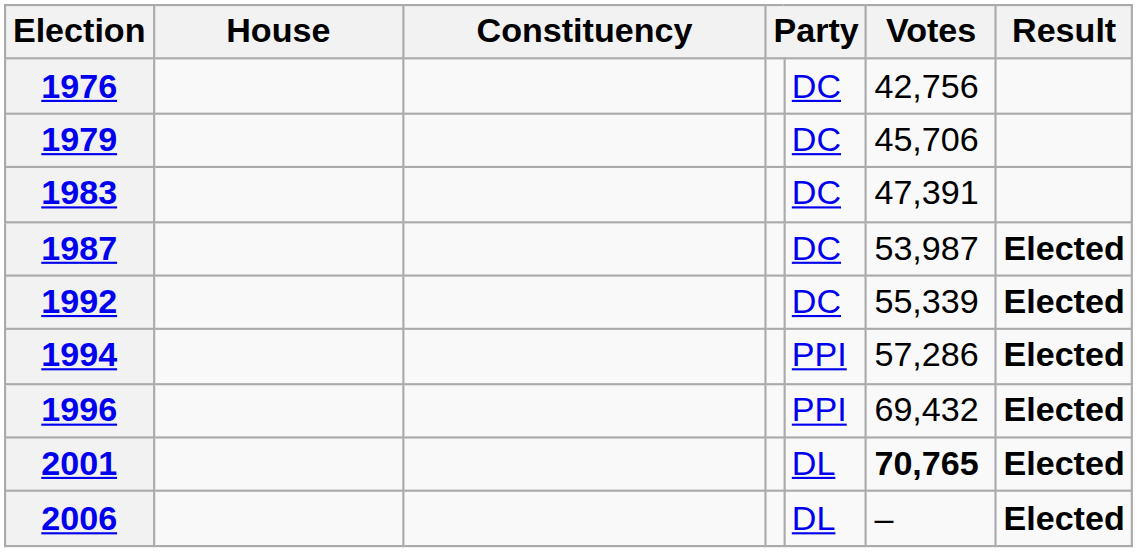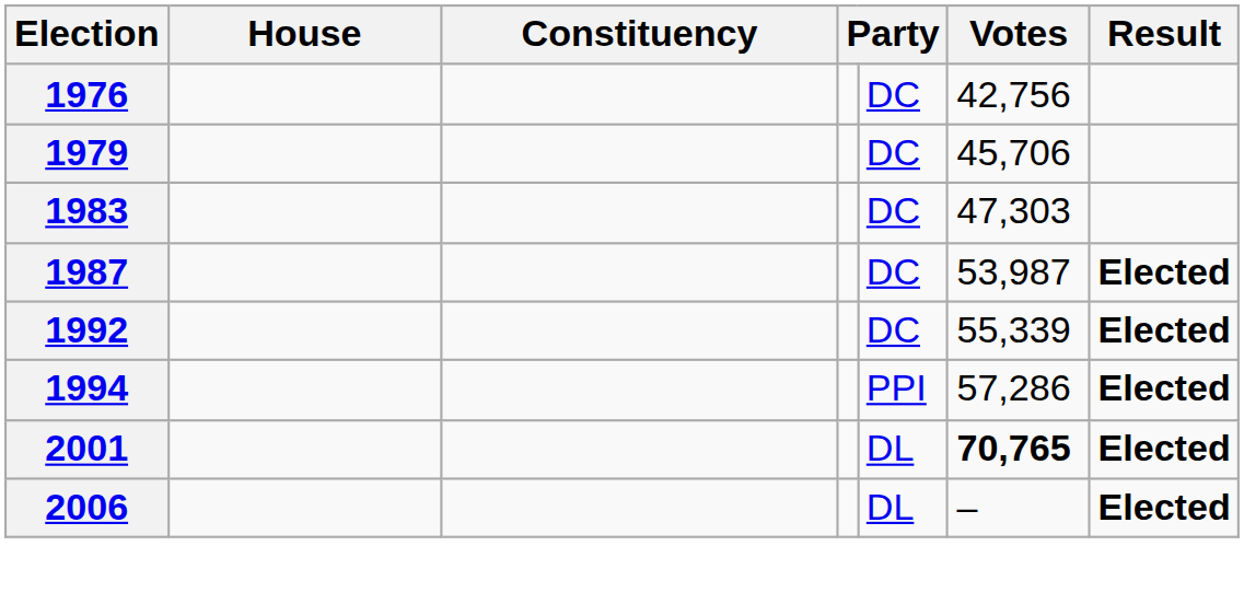 <table class=wikitable style="width:60%; border:1px #AAAAFF solid">
 <tr>
 <th width=12%>Election</th>
 <th width=30%>House</th>
 <th width=40%>Constituency</th>
 <th width=5% colspan="2">Party</th>
 <th width=12%>Votes</th>
 <th width=12%>Result</th>
 </tr>
 <tr>
 <th><a href='#'>1976</a></th>
 <td></td>
 <td></td>
 <td></td>
 <td><a href='#'>DC</a></td>
 <td>42,756</td>
 <td></td>
 </tr>
 <tr>
 <th><a href='#'>1979</a></th>
 <td></td>
 <td></td>
 <td></td>
 <td><a href='#'>DC</a></td>
 <td>45,706</td>
 <td></td>
 </tr>
 <tr>
 <th><a href='#'>1983</a></th>
 <td></td>
 <td></td>
 <td></td>
 <td><a href='#'>DC</a></td>
-<td>47,391</td>
+<td>47,303</td>
 <td></td>
 </tr>
 <tr>
 <th><a href='#'>1987</a></th>
 <td></td>
 <td></td>
 <td></td>
 <td><a href='#'>DC</a></td>
 <td>53,987</td>
 <td> <strong>Elected</strong></td>
 </tr>
 <tr>
 <th><a href='#'>1992</a></th>
 <td></td>
 <td></td>
 <td></td>
 <td><a href='#'>DC</a></td>
 <td>55,339</td>
 <td> <strong>Elected</strong></td>
 </tr>
 <tr>
 <th><a href='#'>1994</a></th>
 <td></td>
 <td></td>
 <td></td>
 <td><a href='#'>PPI</a></td>
 <td>57,286</td>
 <td> <strong>Elected</strong></td>
 </tr>
 <tr>
-<th><a href='#'>1996</a></th>
-<td></td>
-<td></td>
-<td></td>
-<td><a href='#'>PPI</a></td>
-<td>69,432</td>
-<td> <strong>Elected</strong></td>
-</tr>
-<tr>
 <th><a href='#'>2001</a></th>
 <td></td>
 <td></td>
 <td></td>
 <td><a href='#'>DL</a></td>
 <td><strong>70,765</strong></td>
 <td> <strong>Elected</strong></td>
 </tr>
 <tr>
 <th><a href='#'>2006</a></th>
 <td></td>
 <td></td>
 <td></td>
 <td><a href='#'>DL</a></td>
 <td>–</td>
 <td> <strong>Elected</strong></td>
 </tr>
 </table>
